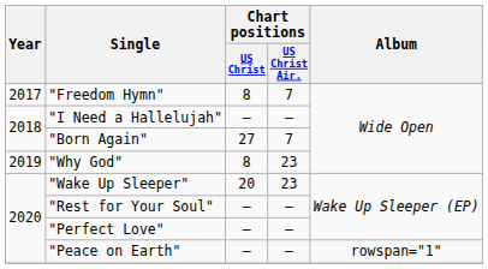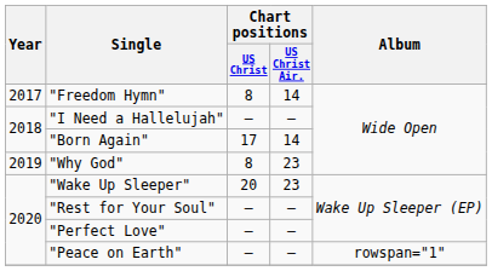 <table class="wikitable" style="text-align:center;">
 <tr>
 <th rowspan="2">Year</th>
 <th rowspan="2">Single</th>
 <th colspan="2">Chart positions</th>
 <th rowspan="2">Album</th>
 </tr>
 <tr style="font-size:smaller;">
 <th scope="col" style="width:3em;font-size:90%;"><a href='#'>US<br>Christ</a></th>
 <th scope="col" style="width:3em;font-size:90%;"><a href='#'>US<br>Christ Air.</a></th>
 </tr>
 <tr>
 <td>2017</td>
 <td align="left">"Freedom Hymn"</td>
 <td>8<br></td>
-<td>7<br></td>
+<td>14<br></td>
 <td rowspan="4"><em>Wide Open</em></td>
 </tr>
 <tr>
 <td rowspan="2">2018</td>
 <td align="left">"I Need a Hallelujah"</td>
 <td>—</td>
 <td>—</td>
 </tr>
 <tr>
 <td align="left">"Born Again"</td>
-<td>27<br></td>
-<td>7<br></td>
+<td>17<br></td>
+<td>14<br></td>
 </tr>
 <tr>
 <td>2019</td>
 <td align="left">"Why God"</td>
 <td>8<br></td>
 <td>23<br></td>
 </tr>
 <tr>
 <td rowspan="4">2020</td>
 <td align="left">"Wake Up Sleeper"</td>
 <td>20<br></td>
 <td>23<br></td>
 <td rowspan="3"><em>Wake Up Sleeper (EP)</em></td>
 </tr>
 <tr>
 <td align="left">"Rest for Your Soul"</td>
 <td>—</td>
 <td>—</td>
 </tr>
 <tr>
 <td align="left">"Perfect Love"</td>
 <td>—</td>
 <td>—</td>
 </tr>
 <tr>
 <td align="left">"Peace on Earth"</td>
 <td>—</td>
 <td>—</td>
 <td>rowspan="1" </td>
 </tr>
 <tr>
 </tr>
 </table>
